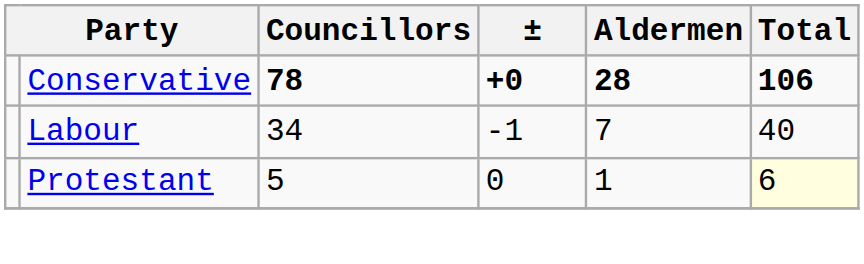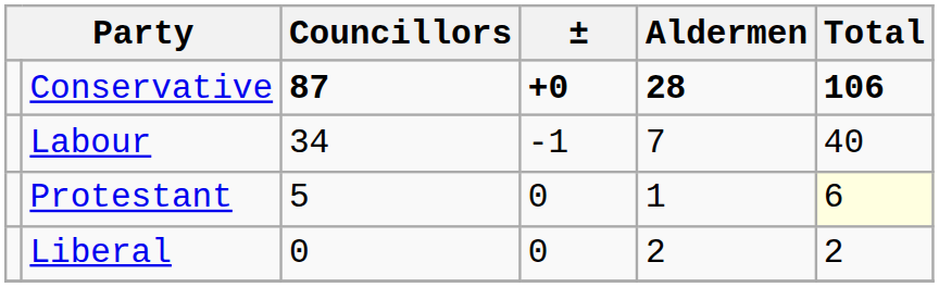 <table class="wikitable">
 <tr>
 <th colspan="2">Party</th>
 <th>Councillors</th>
 <th>  ±  </th>
 <th>Aldermen</th>
 <th>Total</th>
 </tr>
 <tr>
 <td style="background-color: "></td>
 <td><a href='#'>Conservative</a></td>
-<td><strong>78</strong></td>
+<td><strong>87</strong></td>
 <td><strong>+0</strong></td>
 <td><strong>28</strong></td>
 <td><strong>106</strong></td>
 </tr>
 <tr>
 <td style="background-color: "></td>
 <td><a href='#'>Labour</a></td>
 <td>34</td>
 <td>-1</td>
 <td>7</td>
 <td>40</td>
 </tr>
 <tr>
 <td style="background-color: "></td>
 <td><a href='#'>Protestant</a></td>
 <td>5</td>
 <td>0</td>
 <td>1</td>
 <td style="background: lightyellow;">6</td>
 </tr>
 <tr>
+<td style="background-color: "></td>
+<td><a href='#'>Liberal</a></td>
+<td>0</td>
+<td>0</td>
+<td>2</td>
+<td>2</td>
+</tr>
+<tr>
 </tr>
 </table>
